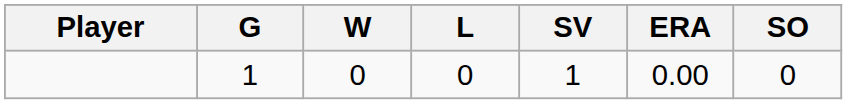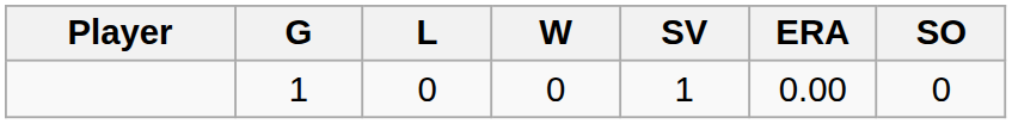 <table class="wikitable sortable">
 <tr>
 <th bgcolor="#DDDDFF" width="16%">Player</th>
 <th bgcolor="#DDDDFF" width="9%">G</th>
+<th bgcolor="#DDDDFF" width="9%">L</th>
 <th bgcolor="#DDDDFF" width="9%">W</th>
-<th bgcolor="#DDDDFF" width="9%">L</th>
 <th bgcolor="#DDDDFF" width="9%">SV</th>
 <th bgcolor="#DDDDFF" width="9%">ERA</th>
 <th bgcolor="#DDDDFF" width="9%">SO</th>
 </tr>
 <tr align="center">
 <td></td>
 <td>1</td>
 <td>0</td>
 <td>0</td>
 <td>1</td>
 <td>0.00</td>
 <td>0</td>
 </tr>
 </table>
